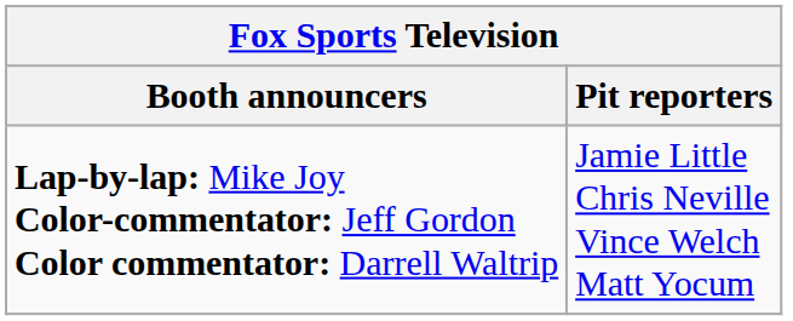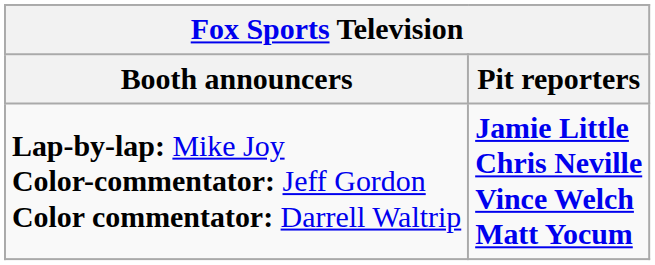 <table class="wikitable" style="font-size: 95%">
 <tr>
 <th colspan="2"><a href='#'>Fox Sports</a> Television</th>
 </tr>
 <tr>
 <th>Booth announcers</th>
 <th>Pit reporters</th>
 </tr>
 <tr>
 <td><strong>Lap-by-lap:</strong> <a href='#'>Mike Joy</a><br><strong>Color-commentator:</strong> <a href='#'>Jeff Gordon</a><br><strong>Color commentator:</strong> <a href='#'>Darrell Waltrip</a></td>
-<td><a href='#'>Jamie Little</a><br><a href='#'>Chris Neville</a><br><a href='#'>Vince Welch</a><br><a href='#'>Matt Yocum</a></td>
+<td><strong><a href='#'>Jamie Little</a><br><a href='#'>Chris Neville</a><br><a href='#'>Vince Welch</a><br><a href='#'>Matt Yocum</a></strong></td>
 </tr>
 </table>
